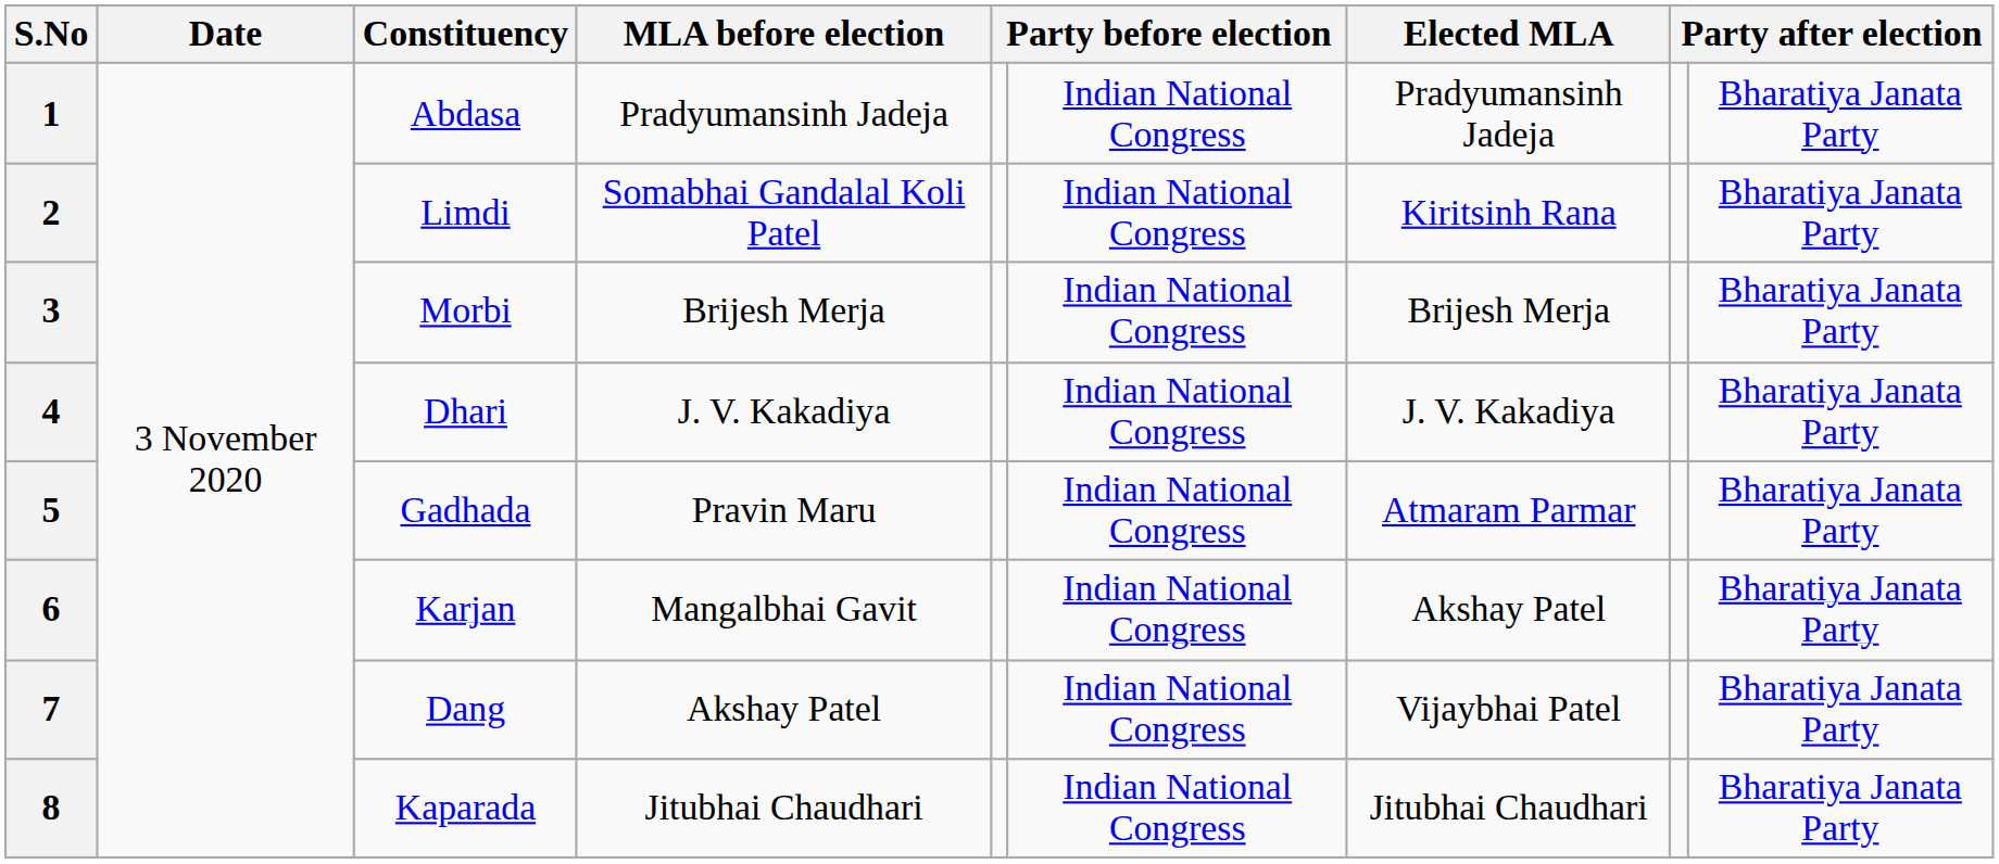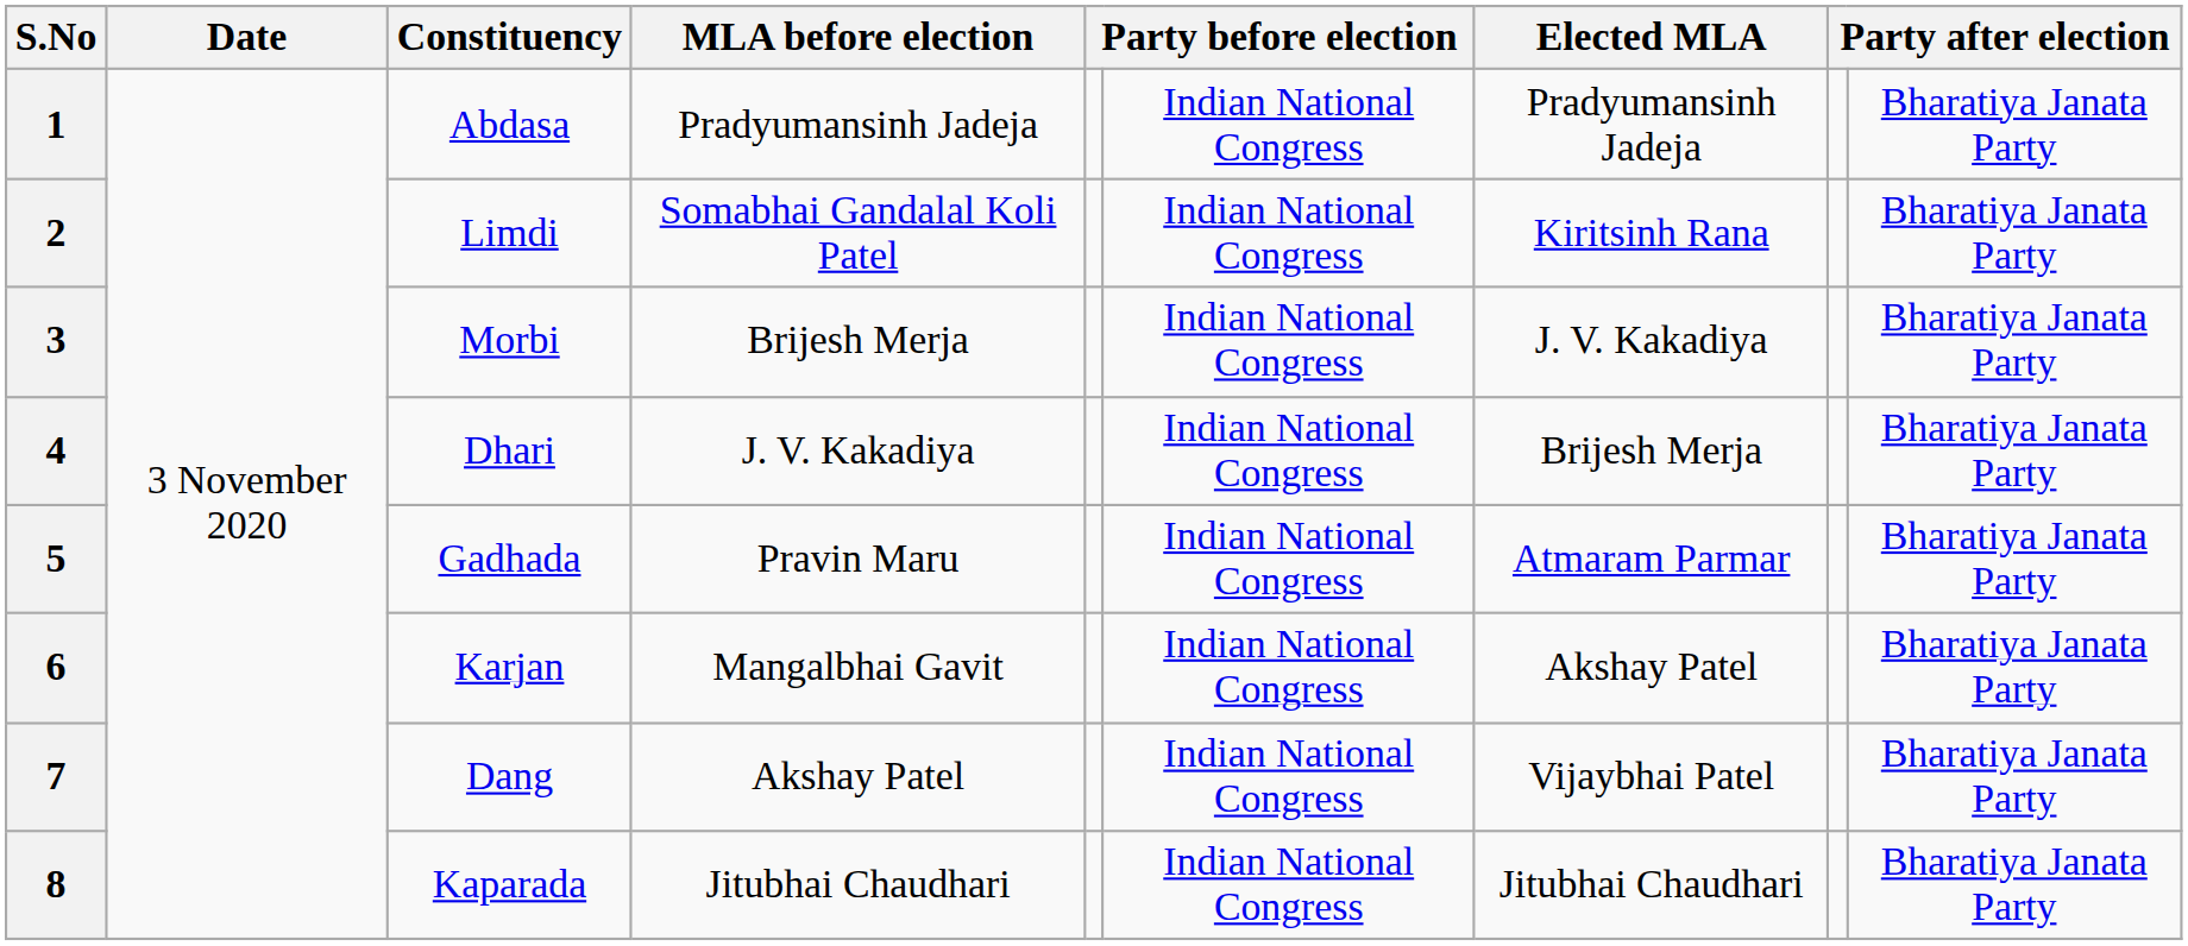 <table class="wikitable sortable" style="text-align:center;">
 <tr>
 <th>S.No</th>
 <th>Date</th>
 <th>Constituency</th>
 <th>MLA before election</th>
 <th colspan="2">Party before election</th>
 <th>Elected MLA</th>
 <th colspan="2">Party after election</th>
 </tr>
 <tr>
 <th>1</th>
 <td rowspan="8">3 November 2020</td>
 <td><a href='#'>Abdasa</a></td>
 <td>Pradyumansinh Jadeja</td>
 <td></td>
 <td><a href='#'>Indian National Congress</a></td>
 <td>Pradyumansinh Jadeja</td>
 <td></td>
 <td><a href='#'>Bharatiya Janata Party</a></td>
 </tr>
 <tr>
 <th>2</th>
 <td><a href='#'>Limdi</a></td>
 <td><a href='#'>Somabhai Gandalal Koli Patel</a></td>
 <td></td>
 <td><a href='#'>Indian National Congress</a></td>
 <td><a href='#'>Kiritsinh Rana</a></td>
 <td></td>
 <td><a href='#'>Bharatiya Janata Party</a></td>
 </tr>
 <tr>
 <th>3</th>
 <td><a href='#'>Morbi</a></td>
 <td>Brijesh Merja</td>
 <td></td>
 <td><a href='#'>Indian National Congress</a></td>
-<td>Brijesh Merja</td>
+<td>J. V. Kakadiya</td>
 <td></td>
 <td><a href='#'>Bharatiya Janata Party</a></td>
 </tr>
 <tr>
 <th>4</th>
 <td><a href='#'>Dhari</a></td>
 <td>J. V. Kakadiya</td>
 <td></td>
 <td><a href='#'>Indian National Congress</a></td>
-<td>J. V. Kakadiya</td>
+<td>Brijesh Merja</td>
 <td></td>
 <td><a href='#'>Bharatiya Janata Party</a></td>
 </tr>
 <tr>
 <th>5</th>
 <td><a href='#'>Gadhada</a></td>
 <td>Pravin Maru</td>
 <td></td>
 <td><a href='#'>Indian National Congress</a></td>
 <td><a href='#'>Atmaram Parmar</a></td>
 <td></td>
 <td><a href='#'>Bharatiya Janata Party</a></td>
 </tr>
 <tr>
 <th>6</th>
 <td><a href='#'>Karjan</a></td>
 <td>Mangalbhai Gavit</td>
 <td></td>
 <td><a href='#'>Indian National Congress</a></td>
 <td>Akshay Patel</td>
 <td></td>
 <td><a href='#'>Bharatiya Janata Party</a></td>
 </tr>
 <tr>
 <th>7</th>
 <td><a href='#'>Dang</a></td>
 <td>Akshay Patel</td>
 <td></td>
 <td><a href='#'>Indian National Congress</a></td>
 <td>Vijaybhai Patel</td>
 <td></td>
 <td><a href='#'>Bharatiya Janata Party</a></td>
 </tr>
 <tr>
 <th>8</th>
 <td><a href='#'>Kaparada</a></td>
 <td>Jitubhai Chaudhari</td>
 <td></td>
 <td><a href='#'>Indian National Congress</a></td>
 <td>Jitubhai Chaudhari</td>
 <td></td>
 <td><a href='#'>Bharatiya Janata Party</a></td>
 </tr>
 </table>
